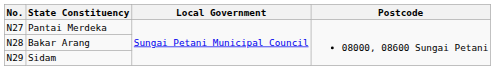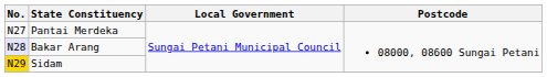 <table class="wikitable">
 <tr>
 <th>No.</th>
 <th>State Constituency</th>
 <th>Local Government</th>
 <th>Postcode</th>
 </tr>
 <tr>
 <td>N27</td>
 <td>Pantai Merdeka</td>
 <td rowspan="3"><a href='#'>Sungai Petani Municipal Council</a></td>
 <td rowspan="3"><br><ul><li>08000, 08600 Sungai Petani</li></ul></td>
 </tr>
 <tr>
-<td>N28</td>
+<td style="background: lavender;">N28</td>
 <td>Bakar Arang</td>
 </tr>
 <tr>
-<td>N29</td>
+<td style="background: gold;">N29</td>
 <td>Sidam</td>
 </tr>
 </table>
